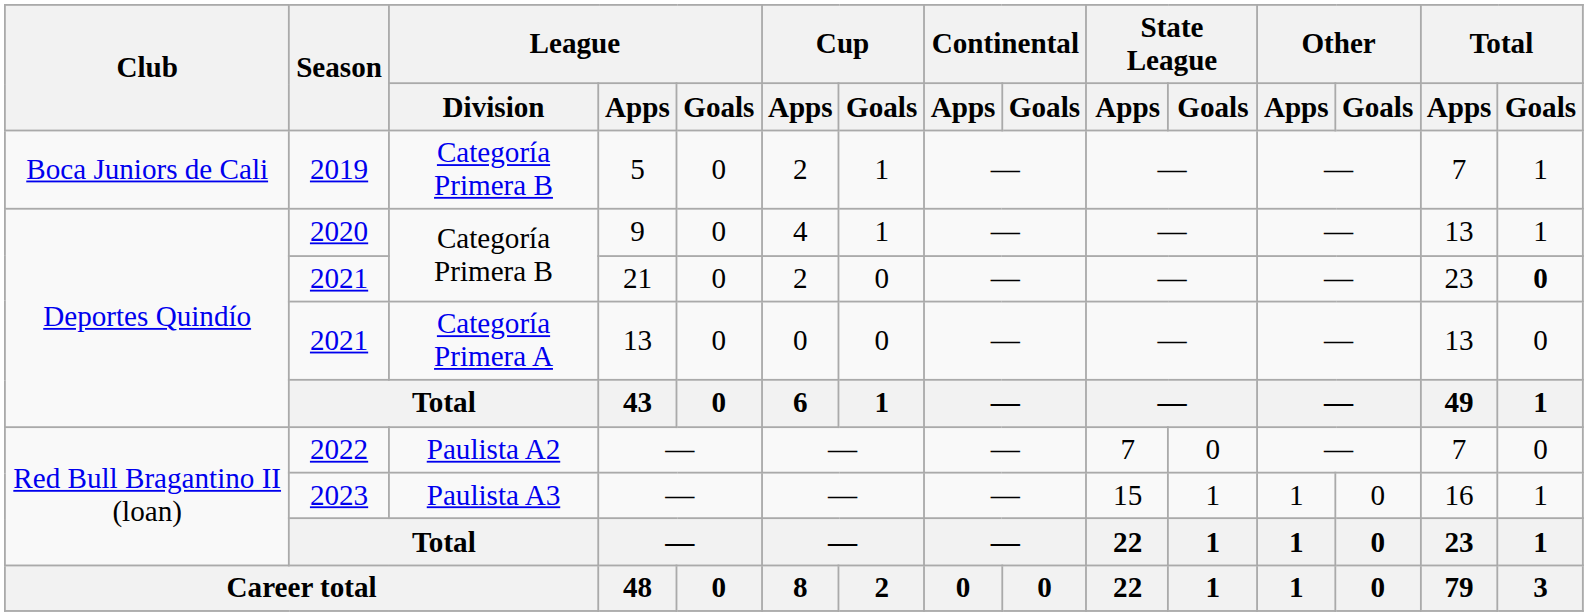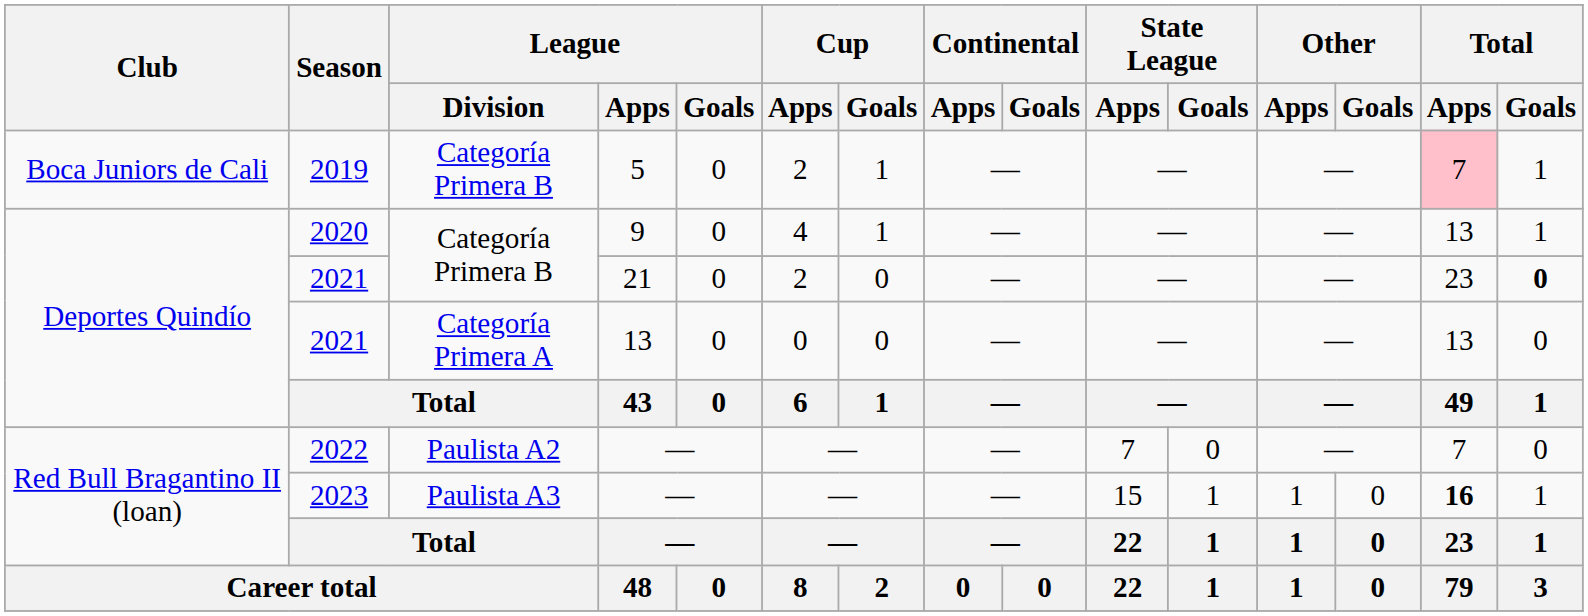 <table class="wikitable" style="text-align: center">
 <tr>
 <th rowspan="2">Club</th>
 <th rowspan="2">Season</th>
 <th colspan="3">League</th>
 <th colspan="2">Cup</th>
 <th colspan="2">Continental</th>
 <th colspan="2">State League</th>
 <th colspan="2">Other</th>
 <th colspan="2">Total</th>
 </tr>
 <tr>
 <th>Division</th>
 <th>Apps</th>
 <th>Goals</th>
 <th>Apps</th>
 <th>Goals</th>
 <th>Apps</th>
 <th>Goals</th>
 <th>Apps</th>
 <th>Goals</th>
 <th>Apps</th>
 <th>Goals</th>
 <th>Apps</th>
 <th>Goals</th>
 </tr>
 <tr>
 <td><a href='#'>Boca Juniors de Cali</a></td>
 <td><a href='#'>2019</a></td>
 <td><a href='#'>Categoría Primera B</a></td>
 <td>5</td>
 <td>0</td>
 <td>2</td>
 <td>1</td>
 <td colspan="2">—</td>
 <td colspan="2">—</td>
 <td colspan="2">—</td>
-<td>7</td>
+<td style="background: pink;">7</td>
 <td>1</td>
 </tr>
 <tr>
 <td rowspan="4"><a href='#'>Deportes Quindío</a></td>
 <td><a href='#'>2020</a></td>
 <td rowspan="2">Categoría Primera B</td>
 <td>9</td>
 <td>0</td>
 <td>4</td>
 <td>1</td>
 <td colspan="2">—</td>
 <td colspan="2">—</td>
 <td colspan="2">—</td>
 <td>13</td>
 <td>1</td>
 </tr>
 <tr>
 <td><a href='#'>2021</a></td>
 <td>21</td>
 <td>0</td>
 <td>2</td>
 <td>0</td>
 <td colspan="2">—</td>
 <td colspan="2">—</td>
 <td colspan="2">—</td>
 <td>23</td>
 <td><strong>0</strong></td>
 </tr>
 <tr>
 <td><a href='#'>2021</a></td>
 <td><a href='#'>Categoría Primera A</a></td>
 <td>13</td>
 <td>0</td>
 <td>0</td>
 <td>0</td>
 <td colspan="2">—</td>
 <td colspan="2">—</td>
 <td colspan="2">—</td>
 <td>13</td>
 <td>0</td>
 </tr>
 <tr>
 <th colspan="2"><strong>Total</strong></th>
 <th>43</th>
 <th>0</th>
 <th>6</th>
 <th>1</th>
 <th colspan="2">—</th>
 <th colspan="2">—</th>
 <th colspan="2">—</th>
 <th>49</th>
 <th>1</th>
 </tr>
 <tr>
 <td rowspan="3"><a href='#'>Red Bull Bragantino II</a> (loan)</td>
 <td><a href='#'>2022</a></td>
 <td><a href='#'>Paulista A2</a></td>
 <td colspan="2">—</td>
 <td colspan="2">—</td>
 <td colspan="2">—</td>
 <td>7</td>
 <td>0</td>
 <td colspan="2">—</td>
 <td>7</td>
 <td>0</td>
 </tr>
 <tr>
 <td><a href='#'>2023</a></td>
 <td><a href='#'>Paulista A3</a></td>
 <td colspan="2">—</td>
 <td colspan="2">—</td>
 <td colspan="2">—</td>
 <td>15</td>
 <td>1</td>
 <td>1</td>
 <td>0</td>
-<td>16</td>
+<td><strong>16</strong></td>
 <td>1</td>
 </tr>
 <tr>
 <th colspan="2"><strong>Total</strong></th>
 <th colspan="2">—</th>
 <th colspan="2">—</th>
 <th colspan="2">—</th>
 <th>22</th>
 <th>1</th>
 <th>1</th>
 <th>0</th>
 <th>23</th>
 <th>1</th>
 </tr>
 <tr>
 <th colspan="3"><strong>Career total</strong></th>
 <th>48</th>
 <th>0</th>
 <th>8</th>
 <th>2</th>
 <th>0</th>
 <th>0</th>
 <th>22</th>
 <th>1</th>
 <th>1</th>
 <th>0</th>
 <th>79</th>
 <th>3</th>
 </tr>
 </table>
